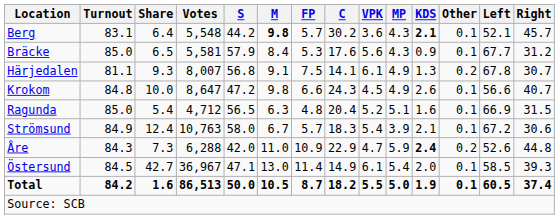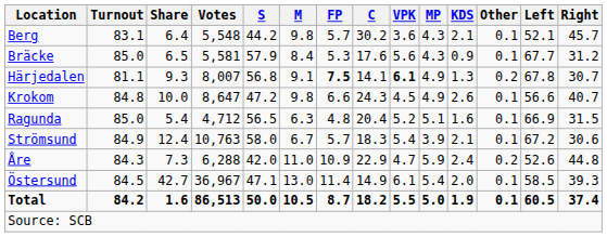 <table class="wikitable sortable" style=text-align:right>
 <tr>
 <th>Location</th>
 <th>Turnout</th>
 <th>Share</th>
 <th>Votes</th>
 <th><a href='#'>S</a></th>
 <th><a href='#'>M</a></th>
 <th><a href='#'>FP</a></th>
 <th><a href='#'>C</a></th>
 <th><a href='#'>VPK</a></th>
 <th><a href='#'>MP</a></th>
 <th><a href='#'>KDS</a></th>
 <th>Other</th>
 <th>Left</th>
 <th>Right</th>
 </tr>
 <tr>
 <td align=left><a href='#'>Berg</a></td>
 <td>83.1</td>
 <td>6.4</td>
 <td>5,548</td>
 <td>44.2</td>
-<td><strong>9.8</strong></td>
+<td>9.8</td>
 <td>5.7</td>
 <td>30.2</td>
 <td>3.6</td>
 <td>4.3</td>
-<td><strong>2.1</strong></td>
+<td>2.1</td>
 <td>0.1</td>
 <td>52.1</td>
 <td>45.7</td>
 </tr>
 <tr>
 <td align=left><a href='#'>Bräcke</a></td>
 <td>85.0</td>
 <td>6.5</td>
 <td>5,581</td>
 <td>57.9</td>
 <td>8.4</td>
 <td>5.3</td>
 <td>17.6</td>
 <td>5.6</td>
 <td>4.3</td>
 <td>0.9</td>
 <td>0.1</td>
 <td>67.7</td>
 <td>31.2</td>
 </tr>
 <tr>
 <td align=left><a href='#'>Härjedalen</a></td>
 <td>81.1</td>
 <td>9.3</td>
 <td>8,007</td>
 <td>56.8</td>
 <td>9.1</td>
-<td>7.5</td>
+<td><strong>7.5</strong></td>
 <td>14.1</td>
-<td>6.1</td>
+<td><strong>6.1</strong></td>
 <td>4.9</td>
 <td>1.3</td>
 <td>0.2</td>
 <td>67.8</td>
 <td>30.7</td>
 </tr>
 <tr>
 <td align=left><a href='#'>Krokom</a></td>
 <td>84.8</td>
 <td>10.0</td>
 <td>8,647</td>
 <td>47.2</td>
 <td>9.8</td>
 <td>6.6</td>
 <td>24.3</td>
 <td>4.5</td>
 <td>4.9</td>
 <td>2.6</td>
 <td>0.1</td>
 <td>56.6</td>
 <td>40.7</td>
 </tr>
 <tr>
 <td align=left><a href='#'>Ragunda</a></td>
 <td>85.0</td>
 <td>5.4</td>
 <td>4,712</td>
 <td>56.5</td>
 <td>6.3</td>
 <td>4.8</td>
 <td>20.4</td>
 <td>5.2</td>
 <td>5.1</td>
 <td>1.6</td>
 <td>0.1</td>
 <td>66.9</td>
 <td>31.5</td>
 </tr>
 <tr>
 <td align=left><a href='#'>Strömsund</a></td>
 <td>84.9</td>
 <td>12.4</td>
 <td>10,763</td>
 <td>58.0</td>
 <td>6.7</td>
 <td>5.7</td>
 <td>18.3</td>
 <td>5.4</td>
 <td>3.9</td>
 <td>2.1</td>
 <td>0.1</td>
 <td>67.2</td>
 <td>30.6</td>
 </tr>
 <tr>
 <td align=left><a href='#'>Åre</a></td>
 <td>84.3</td>
 <td>7.3</td>
 <td>6,288</td>
 <td>42.0</td>
 <td>11.0</td>
 <td>10.9</td>
 <td>22.9</td>
 <td>4.7</td>
 <td>5.9</td>
-<td><strong>2.4</strong></td>
+<td>2.4</td>
 <td>0.2</td>
 <td>52.6</td>
 <td>44.8</td>
 </tr>
 <tr>
 <td align=left><a href='#'>Östersund</a></td>
 <td>84.5</td>
 <td>42.7</td>
 <td>36,967</td>
 <td>47.1</td>
 <td>13.0</td>
 <td>11.4</td>
 <td>14.9</td>
 <td>6.1</td>
 <td>5.4</td>
 <td>2.0</td>
 <td>0.1</td>
 <td>58.5</td>
 <td>39.3</td>
 </tr>
 <tr>
 <td align=left><strong>Total</strong></td>
 <td><strong>84.2</strong></td>
 <td><strong>1.6</strong></td>
 <td><strong>86,513</strong></td>
 <td><strong>50.0</strong></td>
 <td><strong>10.5</strong></td>
 <td><strong>8.7</strong></td>
 <td><strong>18.2</strong></td>
 <td><strong>5.5</strong></td>
 <td><strong>5.0</strong></td>
 <td><strong>1.9</strong></td>
 <td><strong>0.1</strong></td>
 <td><strong>60.5</strong></td>
 <td><strong>37.4</strong></td>
 </tr>
 <tr>
 <td align=left colspan=14>Source: SCB </td>
 </tr>
 </table>
